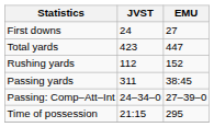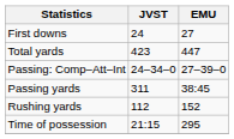 <table class="wikitable" style="float: left;">
 <tr>
 <th>Statistics</th>
 <th>JVST</th>
 <th>EMU</th>
 </tr>
 <tr>
 <td>First downs</td>
 <td>24</td>
 <td>27</td>
 </tr>
 <tr>
 <td>Total yards</td>
 <td>423</td>
 <td>447</td>
 </tr>
 <tr>
-<td>Rushing yards</td>
-<td>112</td>
-<td>152</td>
+<td>Passing: Comp–Att–Int</td>
+<td>24–34–0</td>
+<td>27–39–0</td>
 </tr>
 <tr>
 <td>Passing yards</td>
 <td>311</td>
 <td>38:45</td>
 </tr>
 <tr>
-<td>Passing: Comp–Att–Int</td>
-<td>24–34–0</td>
-<td>27–39–0</td>
+<td>Rushing yards</td>
+<td>112</td>
+<td>152</td>
 </tr>
 <tr>
 <td>Time of possession</td>
 <td>21:15</td>
 <td>295</td>
 </tr>
 <tr>
 </tr>
 </table>
